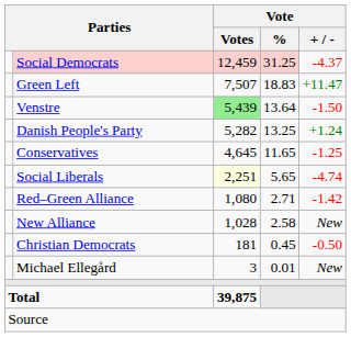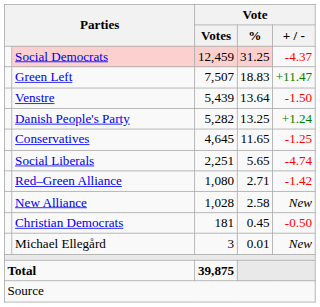 <table class="wikitable" style="text-align:right;">
 <tr>
 <th style="text-align:centre;" rowspan="2" colspan="2" width="225">Parties</th>
 <th colspan="3">Vote</th>
 </tr>
 <tr>
 <th width="15">Votes</th>
 <th width="15">%</th>
 <th width="15">+ / -</th>
 </tr>
 <tr>
 <td width="2" style="color:inherit;background:"></td>
 <td bgcolor=#fbd0ce  align="left"><a href='#'>Social Democrats</a></td>
 <td bgcolor=#fbd0ce>12,459</td>
 <td bgcolor=#fbd0ce>31.25</td>
 <td style=color:red;>-4.37</td>
 </tr>
 <tr>
 <td width="2" style="color:inherit;background:"></td>
 <td align="left"><a href='#'>Green Left</a></td>
 <td>7,507</td>
 <td>18.83</td>
 <td style=color:green;>+11.47</td>
 </tr>
 <tr>
 <td width="2" style="color:inherit;background:"></td>
 <td align="left"><a href='#'>Venstre</a></td>
-<td style="background: lightgreen;">5,439</td>
+<td>5,439</td>
 <td>13.64</td>
 <td style=color:red;>-1.50</td>
 </tr>
 <tr>
 <td width="2" style="color:inherit;background:"></td>
 <td align="left"><a href='#'>Danish People's Party</a></td>
 <td>5,282</td>
 <td>13.25</td>
 <td style=color:green;>+1.24</td>
 </tr>
 <tr>
 <td width="2" style="color:inherit;background:"></td>
 <td align="left"><a href='#'>Conservatives</a></td>
 <td>4,645</td>
 <td>11.65</td>
 <td style=color:red;>-1.25</td>
 </tr>
 <tr>
 <td width="2" style="color:inherit;background:"></td>
 <td align="left"><a href='#'>Social Liberals</a></td>
-<td style="background: lightyellow;">2,251</td>
+<td>2,251</td>
 <td>5.65</td>
 <td style=color:red;>-4.74</td>
 </tr>
 <tr>
 <td width="2" style="color:inherit;background:"></td>
 <td align="left"><a href='#'>Red–Green Alliance</a></td>
 <td>1,080</td>
 <td>2.71</td>
 <td style=color:red;>-1.42</td>
 </tr>
 <tr>
 <td width="2" style="color:inherit;background:"></td>
 <td align="left"><a href='#'>New Alliance</a></td>
 <td>1,028</td>
 <td>2.58</td>
 <td><em>New</em></td>
 </tr>
 <tr>
 <td width="2" style="color:inherit;background:"></td>
 <td align="left"><a href='#'>Christian Democrats</a></td>
 <td>181</td>
 <td>0.45</td>
 <td style=color:red;>-0.50</td>
 </tr>
 <tr>
 <td width="2" style="color:inherit;background:"></td>
 <td align="left">Michael Ellegård</td>
 <td>3</td>
 <td>0.01</td>
 <td><em>New</em></td>
 </tr>
 <tr>
 <td colspan="7" bgcolor="#E9E9E9"></td>
 </tr>
 <tr>
 <td align="left" colspan="2"><strong>Total</strong></td>
 <td><strong>39,875</strong></td>
 <td bgcolor="#E9E9E9" colspan="2"></td>
 </tr>
 <tr>
 <td align="left" colspan="6">Source</td>
 </tr>
 </table>
